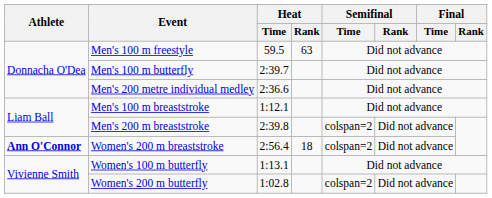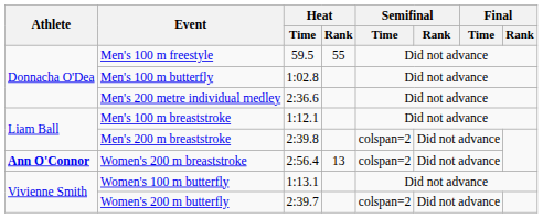 <table class=wikitable style="font-size:90%;">
 <tr>
 <th rowspan=2>Athlete</th>
 <th rowspan=2>Event</th>
 <th colspan=2>Heat</th>
 <th colspan=2>Semifinal</th>
 <th colspan=2>Final</th>
 </tr>
 <tr style="font-size:95%">
 <th>Time</th>
 <th>Rank</th>
 <th>Time</th>
 <th>Rank</th>
 <th>Time</th>
 <th>Rank</th>
 </tr>
 <tr align=center>
 <td rowspan=3 align=left><a href='#'>Donnacha O'Dea</a></td>
 <td align=left><a href='#'>Men's 100 m freestyle</a></td>
 <td>59.5</td>
-<td>63</td>
+<td>55</td>
 <td colspan=4>Did not advance</td>
 </tr>
 <tr align=center>
 <td align=left><a href='#'>Men's 100 m butterfly</a></td>
-<td>2:39.7</td>
+<td>1:02.8</td>
 <td></td>
 <td colspan=4>Did not advance</td>
 </tr>
 <tr align=center>
 <td align=left><a href='#'>Men's 200 metre individual medley</a></td>
 <td>2:36.6</td>
 <td></td>
 <td colspan=4>Did not advance</td>
 </tr>
 <tr align=center>
 <td rowspan=2 align=left><a href='#'>Liam Ball</a></td>
 <td align=left><a href='#'>Men's 100 m breaststroke</a></td>
 <td>1:12.1</td>
 <td></td>
 <td colspan=4>Did not advance</td>
 </tr>
 <tr align=center>
 <td align=left><a href='#'>Men's 200 m breaststroke</a></td>
 <td>2:39.8</td>
 <td></td>
 <td>colspan=2 </td>
 <td colspan=2>Did not advance</td>
 </tr>
 <tr align=center>
 <td align=left><strong><a href='#'>Ann O'Connor</a></strong></td>
 <td align=left><a href='#'>Women's 200 m breaststroke</a></td>
 <td>2:56.4</td>
-<td>18</td>
+<td>13</td>
 <td>colspan=2 </td>
 <td colspan=2>Did not advance</td>
 </tr>
 <tr align=center>
 <td rowspan=2 align=left><a href='#'>Vivienne Smith</a></td>
 <td align=left><a href='#'>Women's 100 m butterfly</a></td>
 <td>1:13.1</td>
 <td></td>
 <td colspan=4>Did not advance</td>
 </tr>
 <tr align=center>
 <td align=left><a href='#'>Women's 200 m butterfly</a></td>
-<td>1:02.8</td>
+<td>2:39.7</td>
 <td></td>
 <td>colspan=2 </td>
 <td colspan=2>Did not advance</td>
 </tr>
 </table>
